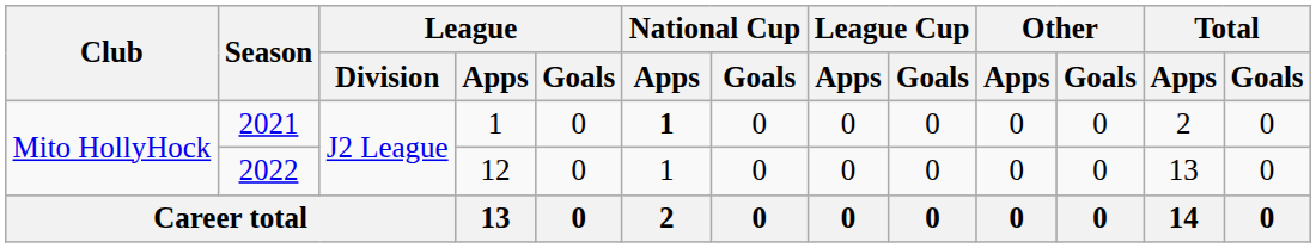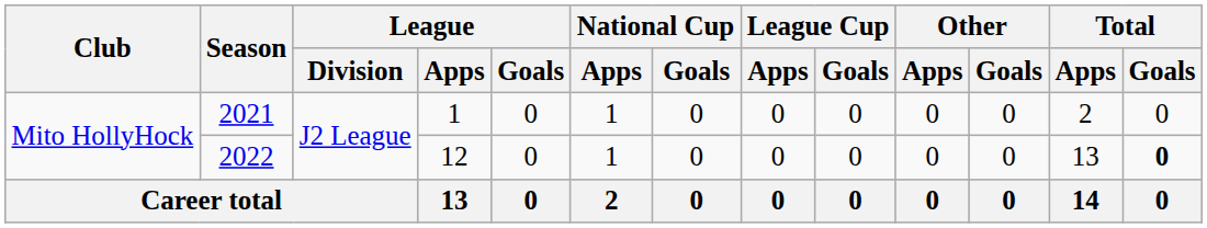 <table class="wikitable" style="text-align: center">
 <tr>
 <th rowspan="2">Club</th>
 <th rowspan="2">Season</th>
 <th colspan="3">League</th>
 <th colspan="2">National Cup</th>
 <th colspan="2">League Cup</th>
 <th colspan="2">Other</th>
 <th colspan="2">Total</th>
 </tr>
 <tr>
 <th>Division</th>
 <th>Apps</th>
 <th>Goals</th>
 <th>Apps</th>
 <th>Goals</th>
 <th>Apps</th>
 <th>Goals</th>
 <th>Apps</th>
 <th>Goals</th>
 <th>Apps</th>
 <th>Goals</th>
 </tr>
 <tr>
 <td rowspan="2"><a href='#'>Mito HollyHock</a></td>
 <td><a href='#'>2021</a></td>
 <td rowspan="2"><a href='#'>J2 League</a></td>
 <td>1</td>
 <td>0</td>
-<td><strong>1</strong></td>
+<td>1</td>
 <td>0</td>
 <td>0</td>
 <td>0</td>
 <td>0</td>
 <td>0</td>
 <td>2</td>
 <td>0</td>
 </tr>
 <tr>
 <td><a href='#'>2022</a></td>
 <td>12</td>
 <td>0</td>
 <td>1</td>
 <td>0</td>
 <td>0</td>
 <td>0</td>
 <td>0</td>
 <td>0</td>
 <td>13</td>
-<td>0</td>
+<td><strong>0</strong></td>
 </tr>
 <tr>
 <th colspan="3">Career total</th>
 <th>13</th>
 <th>0</th>
 <th>2</th>
 <th>0</th>
 <th>0</th>
 <th>0</th>
 <th>0</th>
 <th>0</th>
 <th>14</th>
 <th>0</th>
 </tr>
 </table>
